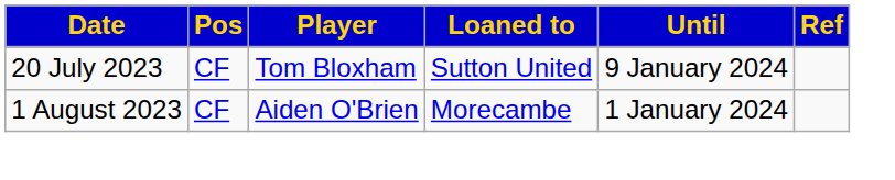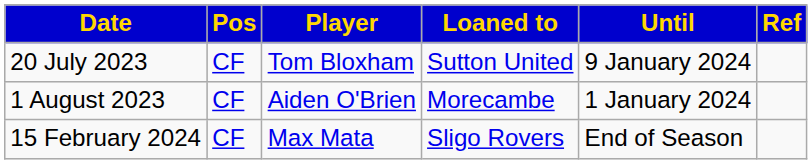 <table class="wikitable plainrowheaders sortable">
 <tr>
 <th style="background:mediumblue;color:gold;">Date</th>
 <th style="background:mediumblue;color:gold;">Pos</th>
 <th style="background:mediumblue;color:gold;">Player</th>
 <th style="background:mediumblue;color:gold;">Loaned to</th>
 <th style="background:mediumblue;color:gold;">Until</th>
 <th style="background:mediumblue;color:gold;">Ref</th>
 </tr>
 <tr>
 <td>20 July 2023</td>
 <td><a href='#'>CF</a></td>
 <td> <a href='#'>Tom Bloxham</a></td>
 <td> <a href='#'>Sutton United</a></td>
 <td>9 January 2024</td>
 <td></td>
 </tr>
 <tr>
 <td>1 August 2023</td>
 <td><a href='#'>CF</a></td>
 <td> <a href='#'>Aiden O'Brien</a></td>
 <td> <a href='#'>Morecambe</a></td>
 <td>1 January 2024</td>
 <td></td>
 </tr>
+<tr>
+<td>15 February 2024</td>
+<td><a href='#'>CF</a></td>
+<td> <a href='#'>Max Mata</a></td>
+<td> <a href='#'>Sligo Rovers</a></td>
+<td>End of Season</td>
+<td></td>
+</tr>
 </table>
